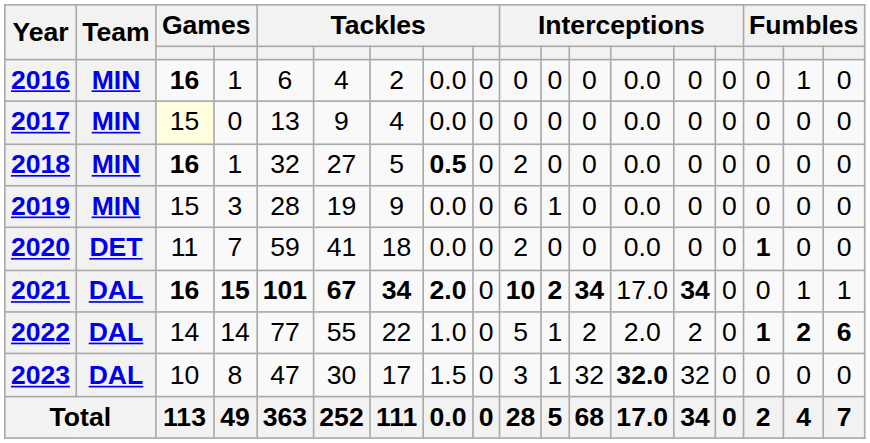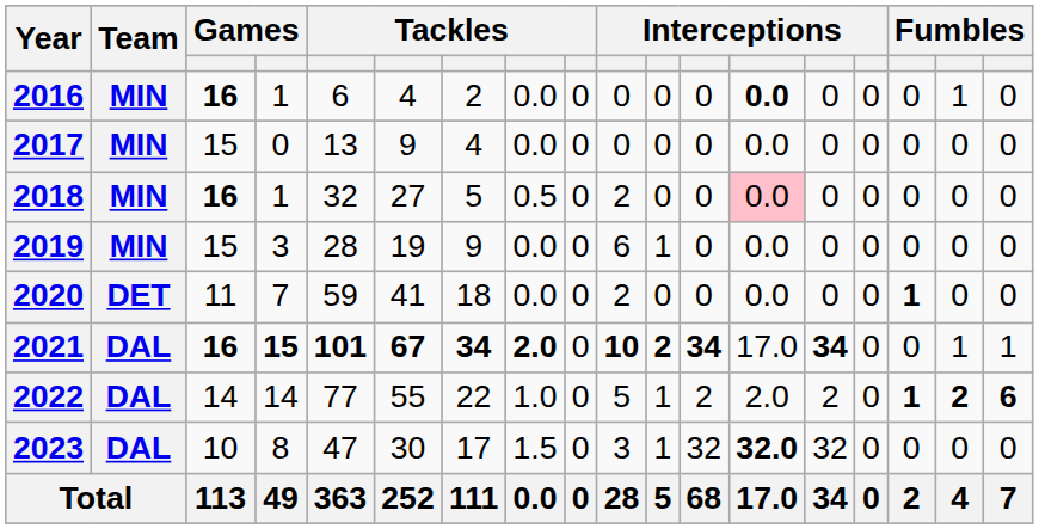 <table class="wikitable" style="text-align:center;">
 <tr>
 <th rowspan="2">Year</th>
 <th rowspan="2">Team</th>
 <th colspan="2">Games</th>
 <th colspan="5">Tackles</th>
 <th colspan="6">Interceptions</th>
 <th colspan="3">Fumbles</th>
 </tr>
 <tr>
 <th></th>
 <th></th>
 <th></th>
 <th></th>
 <th></th>
 <th></th>
 <th></th>
 <th></th>
 <th></th>
 <th></th>
 <th></th>
 <th></th>
 <th></th>
 <th></th>
 <th></th>
 <th></th>
 </tr>
 <tr>
 <th><a href='#'>2016</a></th>
 <th><a href='#'>MIN</a></th>
 <td><strong>16</strong></td>
 <td>1</td>
 <td>6</td>
 <td>4</td>
 <td>2</td>
 <td>0.0</td>
 <td>0</td>
 <td>0</td>
 <td>0</td>
 <td>0</td>
-<td>0.0</td>
+<td><strong>0.0</strong></td>
 <td>0</td>
 <td>0</td>
 <td>0</td>
 <td>1</td>
 <td>0</td>
 </tr>
 <tr>
 <th><a href='#'>2017</a></th>
 <th><a href='#'>MIN</a></th>
-<td style="background: lightyellow;">15</td>
+<td>15</td>
 <td>0</td>
 <td>13</td>
 <td>9</td>
 <td>4</td>
 <td>0.0</td>
 <td>0</td>
 <td>0</td>
 <td>0</td>
 <td>0</td>
 <td>0.0</td>
 <td>0</td>
 <td>0</td>
 <td>0</td>
 <td>0</td>
 <td>0</td>
 </tr>
 <tr>
 <th><a href='#'>2018</a></th>
 <th><a href='#'>MIN</a></th>
 <td><strong>16</strong></td>
 <td>1</td>
 <td>32</td>
 <td>27</td>
 <td>5</td>
-<td><strong>0.5</strong></td>
+<td>0.5</td>
 <td>0</td>
 <td>2</td>
 <td>0</td>
 <td>0</td>
-<td>0.0</td>
+<td style="background: pink;">0.0</td>
 <td>0</td>
 <td>0</td>
 <td>0</td>
 <td>0</td>
 <td>0</td>
 </tr>
 <tr>
 <th><a href='#'>2019</a></th>
 <th><a href='#'>MIN</a></th>
 <td>15</td>
 <td>3</td>
 <td>28</td>
 <td>19</td>
 <td>9</td>
 <td>0.0</td>
 <td>0</td>
 <td>6</td>
 <td>1</td>
 <td>0</td>
 <td>0.0</td>
 <td>0</td>
 <td>0</td>
 <td>0</td>
 <td>0</td>
 <td>0</td>
 </tr>
 <tr>
 <th><a href='#'>2020</a></th>
 <th><a href='#'>DET</a></th>
 <td>11</td>
 <td>7</td>
 <td>59</td>
 <td>41</td>
 <td>18</td>
 <td>0.0</td>
 <td>0</td>
 <td>2</td>
 <td>0</td>
 <td>0</td>
 <td>0.0</td>
 <td>0</td>
 <td>0</td>
 <td><strong>1</strong></td>
 <td>0</td>
 <td>0</td>
 </tr>
 <tr>
 <th><a href='#'>2021</a></th>
 <th><a href='#'>DAL</a></th>
 <td><strong>16</strong></td>
 <td><strong>15</strong></td>
 <td><strong>101</strong></td>
 <td><strong>67</strong></td>
 <td><strong>34</strong></td>
 <td><strong>2.0</strong></td>
 <td>0</td>
 <td><strong>10</strong></td>
 <td><strong>2</strong></td>
 <td><strong>34</strong></td>
 <td>17.0</td>
 <td><strong>34</strong></td>
 <td>0</td>
 <td>0</td>
 <td>1</td>
 <td>1</td>
 </tr>
 <tr>
 <th><a href='#'>2022</a></th>
 <th><a href='#'>DAL</a></th>
 <td>14</td>
 <td>14</td>
 <td>77</td>
 <td>55</td>
 <td>22</td>
 <td>1.0</td>
 <td>0</td>
 <td>5</td>
 <td>1</td>
 <td>2</td>
 <td>2.0</td>
 <td>2</td>
 <td>0</td>
 <td><strong>1</strong></td>
 <td><strong>2</strong></td>
 <td><strong>6</strong></td>
 </tr>
 <tr>
 <th><a href='#'>2023</a></th>
 <th><a href='#'>DAL</a></th>
 <td>10</td>
 <td>8</td>
 <td>47</td>
 <td>30</td>
 <td>17</td>
 <td>1.5</td>
 <td>0</td>
 <td>3</td>
 <td>1</td>
 <td>32</td>
 <td><strong>32.0</strong></td>
 <td>32</td>
 <td>0</td>
 <td>0</td>
 <td>0</td>
 <td>0</td>
 </tr>
 <tr>
 <th colspan="2">Total</th>
 <th>113</th>
 <th>49</th>
 <th>363</th>
 <th>252</th>
 <th>111</th>
 <th>0.0</th>
 <th>0</th>
 <th>28</th>
 <th>5</th>
 <th>68</th>
 <th>17.0</th>
 <th>34</th>
 <th>0</th>
 <th>2</th>
 <th>4</th>
 <th>7</th>
 </tr>
 </table>
